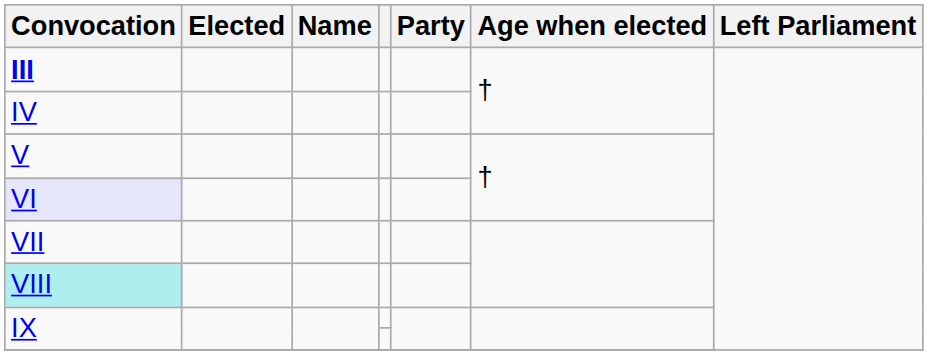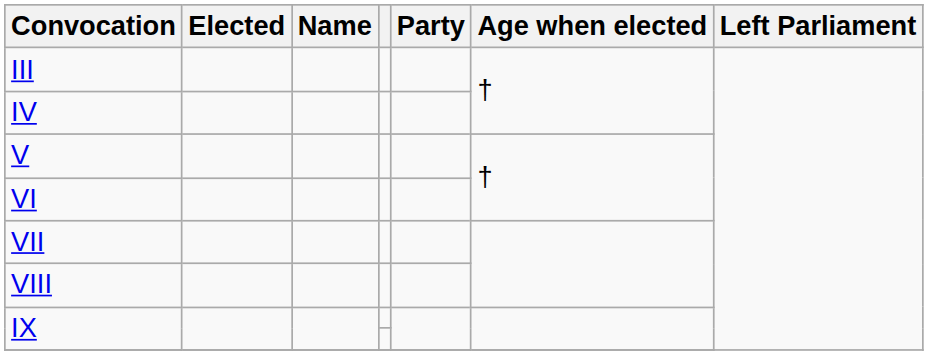 <table class="sortable wikitable">
 <tr>
 <th>Convocation</th>
 <th>Elected</th>
 <th>Name</th>
 <th class="unsortable"></th>
 <th>Party</th>
 <th>Age when elected</th>
 <th>Left Parliament</th>
 </tr>
 <tr>
-<td><strong><a href='#'>III</a></strong></td>
+<td><a href='#'>III</a></td>
 <td></td>
 <td></td>
 <td></td>
 <td></td>
 <td rowspan=2> †</td>
 </tr>
 <tr>
 <td><a href='#'>IV</a></td>
 <td></td>
 <td></td>
 <td></td>
 <td></td>
 </tr>
 <tr>
 <td><a href='#'>V</a></td>
 <td></td>
 <td></td>
 <td></td>
 <td></td>
 <td rowspan=2> †</td>
 </tr>
 <tr>
-<td style="background: lavender;"><a href='#'>VI</a></td>
+<td><a href='#'>VI</a></td>
 <td></td>
 <td></td>
 <td></td>
 <td></td>
 </tr>
 <tr>
 <td><a href='#'>VII</a></td>
 <td></td>
 <td></td>
 <td></td>
 <td></td>
 <td rowspan=2></td>
 </tr>
 <tr>
-<td style="background: paleturquoise;"><a href='#'>VIII</a></td>
+<td><a href='#'>VIII</a></td>
 <td></td>
 <td></td>
 <td></td>
 <td></td>
 </tr>
 <tr>
 <td rowspan=2><a href='#'>IX</a></td>
 <td rowspan=2></td>
 <td rowspan=2></td>
 <td></td>
 <td rowspan=2></td>
 <td rowspan=2></td>
 </tr>
 <tr>
 <td></td>
 </tr>
 <tr>
 </tr>
 </table>
